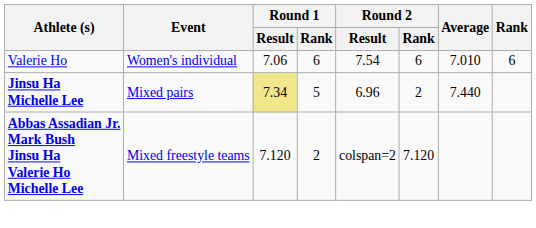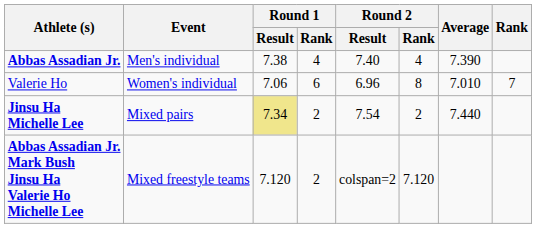 <table class="wikitable" style="font-size:90%">
 <tr>
 <th rowspan=2>Athlete (s)</th>
 <th rowspan=2>Event</th>
 <th colspan=2>Round 1</th>
 <th colspan=2>Round 2</th>
 <th rowspan=2>Average</th>
 <th rowspan=2>Rank</th>
 </tr>
 <tr>
 <th>Result</th>
 <th>Rank</th>
 <th>Result</th>
 <th>Rank</th>
 </tr>
 <tr align=center>
+<td align=left><strong><a href='#'>Abbas Assadian Jr.</a></strong></td>
+<td align=left><a href='#'>Men's individual</a></td>
+<td>7.38</td>
+<td>4</td>
+<td>7.40</td>
+<td>4</td>
+<td>7.390</td>
+<td></td>
+</tr>
+<tr align=center>
 <td align=left><a href='#'>Valerie Ho</a></td>
 <td align=left><a href='#'>Women's individual</a></td>
 <td>7.06</td>
 <td>6</td>
-<td>7.54</td>
-<td>6</td>
+<td>6.96</td>
+<td>8</td>
 <td>7.010</td>
-<td>6</td>
+<td>7</td>
 </tr>
 <tr align=center>
 <td align=left><strong><a href='#'>Jinsu Ha</a><br><a href='#'>Michelle Lee</a></strong></td>
 <td align=left><a href='#'>Mixed pairs</a></td>
 <td style="background: khaki;">7.34</td>
-<td>5</td>
-<td>6.96</td>
+<td>2</td>
+<td>7.54</td>
 <td>2</td>
 <td>7.440</td>
 <td></td>
 </tr>
 <tr align=center>
 <td align=left><strong><a href='#'>Abbas Assadian Jr.</a><br><a href='#'>Mark Bush</a><br><a href='#'>Jinsu Ha</a><br><a href='#'>Valerie Ho</a><br><a href='#'>Michelle Lee</a></strong></td>
 <td align=left><a href='#'>Mixed freestyle teams</a></td>
 <td>7.120</td>
 <td>2</td>
 <td>colspan=2 </td>
 <td>7.120</td>
 <td></td>
 </tr>
 </table>
